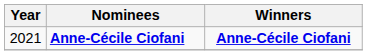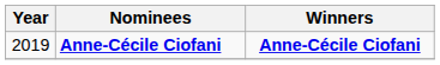 <table class="wikitable">
 <tr>
 <th width=40>Year</th>
 <th width=170>Nominees</th>
 <th width=170>Winners</th>
 </tr>
 <tr>
-<td align=center>2021</td>
+<td align=center>2019</td>
 <td><strong><a href='#'>Anne-Cécile Ciofani</a></strong></td>
 <td align=center><strong><a href='#'>Anne-Cécile Ciofani</a></strong></td>
 </tr>
 <tr>
 </tr>
 </table>
